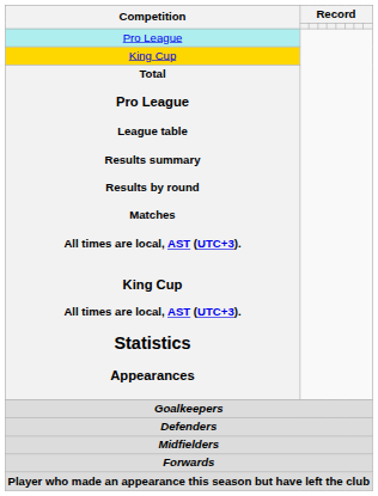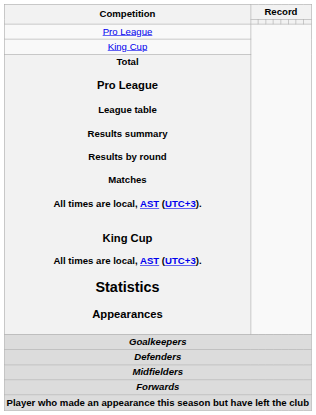 <table class="wikitable" style="text-align: center">
 <tr>
 <th rowspan=2>Competition</th>
 <th colspan=8>Record</th>
 </tr>
 <tr>
 <th></th>
 <th></th>
 <th></th>
 <th></th>
 <th></th>
 <th></th>
 <th></th>
 <th></th>
 </tr>
 <tr>
-<td style="background: paleturquoise;"><a href='#'>Pro League</a><br></td>
+<td><a href='#'>Pro League</a><br></td>
 </tr>
 <tr>
-<td style="background: gold;"><a href='#'>King Cup</a><br></td>
+<td><a href='#'>King Cup</a><br></td>
 </tr>
 <tr>
 <th>Total<br> <h3>Pro League</h3><h4>League table</h4><h4>Results summary</h4> <h4>Results by round</h4><h4>Matches</h4>All times are local, <a href='#'>AST</a> (<a href='#'>UTC+3</a>).<br>   <br>                             <h3>King Cup</h3> All times are local, <a href='#'>AST</a> (<a href='#'>UTC+3</a>).<br><h2>Statistics</h2><h3>Appearances</h3></th>
 </tr>
 <tr>
 <th colspan=10 style=background:#dcdcdc; text-align:center><em>Goalkeepers</em><br>  </th>
 </tr>
 <tr>
 <th colspan=10 style=background:#dcdcdc; text-align:center><em>Defenders</em><br>        </th>
 </tr>
 <tr>
 <th colspan=10 style=background:#dcdcdc; text-align:center><em>Midfielders</em><br>          </th>
 </tr>
 <tr>
 <th colspan=10 style=background:#dcdcdc; text-align:center><em>Forwards</em><br>   </th>
 </tr>
 <tr>
 <th colspan=18 style=background:#dcdcdc; text-align:center>Player who made an appearance this season but have left the club<br>  </th>
 </tr>
 </table>
